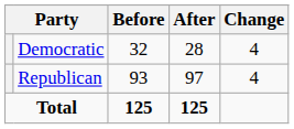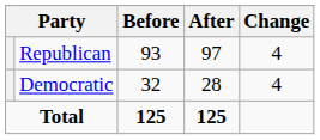 <table class="wikitable" style="text-align:center;">
 <tr>
 </tr>
 <tr>
 <th colspan=2>Party</th>
 <th>Before</th>
 <th>After</th>
 <th>Change</th>
 </tr>
 <tr>
 <th style="background-color:"></th>
-<td style="text-align:left;"><a href='#'>Democratic</a></td>
-<td>32</td>
-<td>28</td>
+<td style="text-align:left;"><a href='#'>Republican</a></td>
+<td>93</td>
+<td>97</td>
 <td> 4</td>
 </tr>
 <tr>
 <th style="background-color:"></th>
-<td style="text-align:left;"><a href='#'>Republican</a></td>
-<td>93</td>
-<td>97</td>
+<td style="text-align:left;"><a href='#'>Democratic</a></td>
+<td>32</td>
+<td>28</td>
 <td> 4</td>
 </tr>
 <tr>
 <td colspan=2><strong>Total</strong></td>
 <td><strong>125</strong></td>
 <td><strong>125</strong></td>
 <td></td>
 </tr>
 </table>
